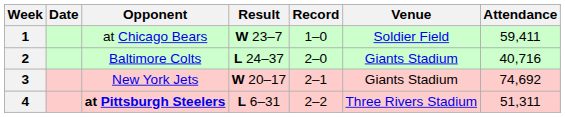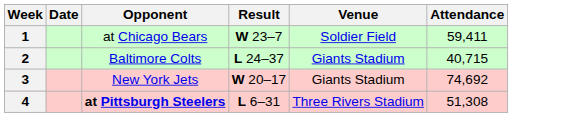 <table class="wikitable" style="text-align:center">
 <tr>
 <th>Week</th>
 <th>Date</th>
 <th>Opponent</th>
 <th>Result</th>
-<th>Record</th>
 <th>Venue</th>
 <th>Attendance</th>
 </tr>
 <tr style="background:#cfc">
 <th>1</th>
 <td></td>
 <td>at <a href='#'>Chicago Bears</a></td>
 <td><strong>W</strong> 23–7</td>
-<td>1–0</td>
 <td><a href='#'>Soldier Field</a></td>
 <td>59,411</td>
 </tr>
 <tr style="background:#cfc">
 <th>2</th>
 <td></td>
 <td><a href='#'>Baltimore Colts</a></td>
 <td><strong>L</strong> 24–37</td>
-<td>2–0</td>
 <td><a href='#'>Giants Stadium</a></td>
-<td>40,716</td>
+<td>40,715</td>
 </tr>
 <tr style="background:#fcc">
 <th>3</th>
 <td></td>
 <td><a href='#'>New York Jets</a></td>
 <td><strong>W</strong> 20–17</td>
-<td>2–1</td>
 <td>Giants Stadium</td>
 <td>74,692</td>
 </tr>
 <tr style="background:#fcc">
 <th>4</th>
 <td></td>
 <td><strong>at <a href='#'>Pittsburgh Steelers</a></strong></td>
 <td><strong>L</strong> 6–31</td>
-<td>2–2</td>
 <td><a href='#'>Three Rivers Stadium</a></td>
-<td>51,311</td>
+<td>51,308</td>
 </tr>
 </table>
